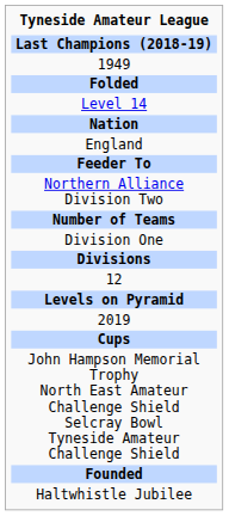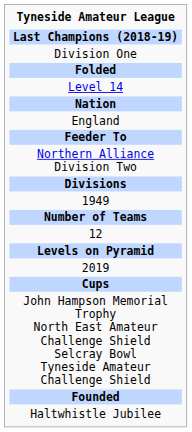 <table class="infobox football" style="width: 16em; text-align: center;">
 <tr>
 <th style="">Tyneside Amateur League</th>
 </tr>
 <tr>
 <td style="line-height: 15px;"></td>
 </tr>
 <tr>
 <td style="background: #BFD7FF;"><strong>Last Champions (2018-19)</strong></td>
 </tr>
 <tr>
-<td style="">1949</td>
+<td style="">Division One</td>
 </tr>
 <tr>
 <td style="background: #BFD7FF;"><strong>Folded</strong></td>
 </tr>
 <tr>
 <td style=""><a href='#'>Level 14</a></td>
 </tr>
 <tr>
 <td style="background: #BFD7FF;"><strong>Nation</strong></td>
 </tr>
 <tr>
 <td style="">England</td>
 </tr>
 <tr>
 <td style="background: #BFD7FF;"><strong>Feeder To</strong></td>
 </tr>
 <tr>
 <td style=""><a href='#'>Northern Alliance</a> Division Two</td>
 </tr>
 <tr>
-<td style="background: #BFD7FF;"><strong>Number of Teams</strong></td>
+<td style="background: #BFD7FF;"><strong>Divisions</strong></td>
 </tr>
 <tr>
-<td style="">Division One</td>
+<td style="">1949</td>
 </tr>
 <tr>
-<td style="background: #BFD7FF;"><strong>Divisions</strong></td>
+<td style="background: #BFD7FF;"><strong>Number of Teams</strong></td>
 </tr>
 <tr>
 <td style="">12</td>
 </tr>
 <tr>
 <td style="background: #BFD7FF;"><strong>Levels on Pyramid</strong></td>
 </tr>
 <tr>
 <td style="">2019</td>
 </tr>
 <tr>
 <td style="background: #BFD7FF;"><strong>Cups</strong></td>
 </tr>
 <tr>
 <td style="">John Hampson Memorial Trophy<br>North East Amateur Challenge Shield<br>Selcray Bowl<br>Tyneside Amateur Challenge Shield</td>
 </tr>
 <tr>
 <td style="background: #BFD7FF;"><strong>Founded</strong></td>
 </tr>
 <tr>
 <td style="">Haltwhistle Jubilee</td>
 </tr>
 <tr>
 </tr>
 </table>
